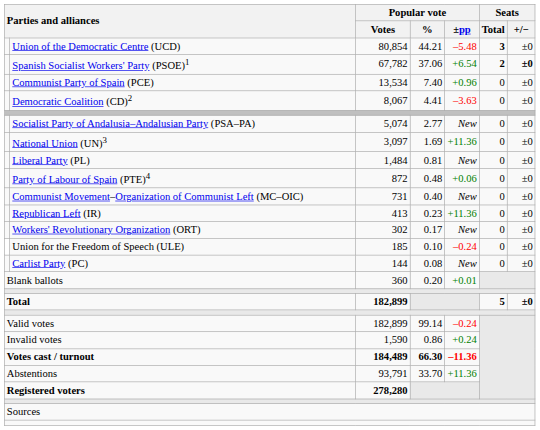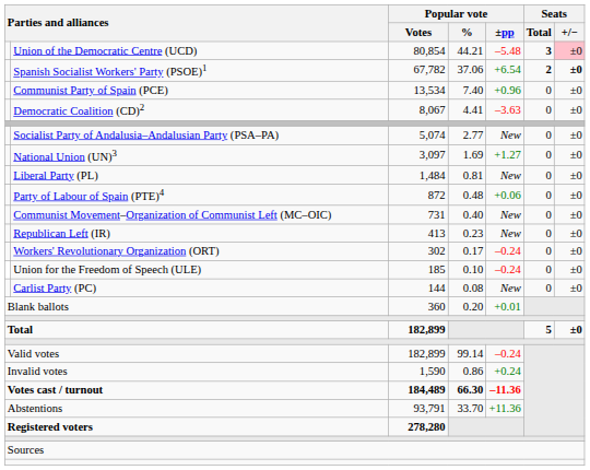 <table class="wikitable" style="text-align:right;">
 <tr>
 <th style="text-align:left;" rowspan="2" colspan="2" width="525">Parties and alliances</th>
 <th colspan="3">Popular vote</th>
 <th colspan="2">Seats</th>
 </tr>
 <tr>
 <th width="75">Votes</th>
 <th width="45">%</th>
 <th width="45">±<a href='#'>pp</a></th>
 <th width="35">Total</th>
 <th width="35">+/−</th>
 </tr>
 <tr>
 <td width="1" style="color:inherit;background:"></td>
 <td align="left"><a href='#'>Union of the Democratic Centre</a> (UCD)</td>
 <td>80,854</td>
 <td>44.21</td>
 <td style="color:red;">–5.48</td>
 <td><strong>3</strong></td>
-<td>±0</td>
+<td style="background: pink;">±0</td>
 </tr>
 <tr>
 <td style="color:inherit;background:"></td>
 <td align="left"><a href='#'>Spanish Socialist Workers' Party</a> (PSOE)<sup>1</sup></td>
 <td>67,782</td>
 <td>37.06</td>
 <td style="color:green;">+6.54</td>
 <td><strong>2</strong></td>
 <td><strong>±0</strong></td>
 </tr>
 <tr>
 <td style="color:inherit;background:"></td>
 <td align="left"><a href='#'>Communist Party of Spain</a> (PCE)</td>
 <td>13,534</td>
 <td>7.40</td>
 <td style="color:green;">+0.96</td>
 <td>0</td>
 <td>±0</td>
 </tr>
 <tr>
 <td style="color:inherit;background:"></td>
 <td align="left"><a href='#'>Democratic Coalition</a> (CD)<sup>2</sup></td>
 <td>8,067</td>
 <td>4.41</td>
 <td style="color:red;">–3.63</td>
 <td>0</td>
 <td>±0</td>
 </tr>
 <tr>
 <td colspan="7" bgcolor="#C0C0C0"></td>
 </tr>
 <tr>
 <td style="color:inherit;background:"></td>
 <td align="left"><a href='#'>Socialist Party of Andalusia–Andalusian Party</a> (PSA–PA)</td>
 <td>5,074</td>
 <td>2.77</td>
 <td><em>New</em></td>
 <td>0</td>
 <td>±0</td>
 </tr>
 <tr>
 <td style="color:inherit;background:"></td>
 <td align="left"><a href='#'>National Union</a> (UN)<sup>3</sup></td>
 <td>3,097</td>
 <td>1.69</td>
-<td style="color:green;">+11.36</td>
+<td style="color:green;">+1.27</td>
 <td>0</td>
 <td>±0</td>
 </tr>
 <tr>
 <td style="color:inherit;background:"></td>
 <td align="left"><a href='#'>Liberal Party</a> (PL)</td>
 <td>1,484</td>
 <td>0.81</td>
 <td><em>New</em></td>
 <td>0</td>
 <td>±0</td>
 </tr>
 <tr>
 <td style="color:inherit;background:"></td>
 <td align="left"><a href='#'>Party of Labour of Spain</a> (PTE)<sup>4</sup></td>
 <td>872</td>
 <td>0.48</td>
 <td style="color:green;">+0.06</td>
 <td>0</td>
 <td>±0</td>
 </tr>
 <tr>
 <td style="color:inherit;background:"></td>
 <td align="left"><a href='#'>Communist Movement</a>–<a href='#'>Organization of Communist Left</a> (MC–OIC)</td>
 <td>731</td>
 <td>0.40</td>
 <td><em>New</em></td>
 <td>0</td>
 <td>±0</td>
 </tr>
 <tr>
 <td style="color:inherit;background:"></td>
 <td align="left"><a href='#'>Republican Left</a> (IR)</td>
 <td>413</td>
 <td>0.23</td>
-<td style="color:green;">+11.36</td>
+<td><em>New</em></td>
 <td>0</td>
 <td>±0</td>
 </tr>
 <tr>
 <td style="color:inherit;background:"></td>
 <td align="left"><a href='#'>Workers' Revolutionary Organization</a> (ORT)</td>
 <td>302</td>
 <td>0.17</td>
-<td><em>New</em></td>
+<td style="color:red;">–0.24</td>
 <td>0</td>
 <td>±0</td>
 </tr>
 <tr>
 <td bgcolor="white"></td>
 <td align="left">Union for the Freedom of Speech (ULE)</td>
 <td>185</td>
 <td>0.10</td>
 <td style="color:red;">–0.24</td>
 <td>0</td>
 <td>±0</td>
 </tr>
 <tr>
 <td style="color:inherit;background:"></td>
 <td align="left"><a href='#'>Carlist Party</a> (PC)</td>
 <td>144</td>
 <td>0.08</td>
 <td><em>New</em></td>
 <td>0</td>
 <td>±0</td>
 </tr>
 <tr>
 <td align="left" colspan="2">Blank ballots</td>
 <td>360</td>
 <td>0.20</td>
 <td style="color:green;">+0.01</td>
 <td bgcolor="#E9E9E9" colspan="2"></td>
 </tr>
 <tr>
 <td colspan="7" bgcolor="#E9E9E9"></td>
 </tr>
 <tr style="font-weight:bold;">
 <td align="left" colspan="2">Total</td>
 <td>182,899</td>
 <td bgcolor="#E9E9E9" colspan="2"></td>
 <td>5</td>
 <td>±0</td>
 </tr>
 <tr>
 <td colspan="7" bgcolor="#E9E9E9"></td>
 </tr>
 <tr>
 <td align="left" colspan="2">Valid votes</td>
 <td>182,899</td>
 <td>99.14</td>
 <td style="color:red;">–0.24</td>
 <td bgcolor="#E9E9E9" colspan="2" rowspan="5"></td>
 </tr>
 <tr>
 <td align="left" colspan="2">Invalid votes</td>
 <td>1,590</td>
 <td>0.86</td>
 <td style="color:green;">+0.24</td>
 </tr>
 <tr style="font-weight:bold;">
 <td align="left" colspan="2">Votes cast / turnout</td>
 <td>184,489</td>
 <td>66.30</td>
 <td style="color:red;">–11.36</td>
 </tr>
 <tr>
 <td align="left" colspan="2">Abstentions</td>
 <td>93,791</td>
 <td>33.70</td>
 <td style="color:green;">+11.36</td>
 </tr>
 <tr style="font-weight:bold;">
 <td align="left" colspan="2">Registered voters</td>
 <td>278,280</td>
 <td bgcolor="#E9E9E9" colspan="2"></td>
 </tr>
 <tr>
 <td colspan="7" bgcolor="#E9E9E9"></td>
 </tr>
 <tr>
 <td align="left" colspan="7">Sources</td>
 </tr>
 <tr>
 <td colspan="7" style="text-align:left; max-width:790px;"></td>
 </tr>
 </table>
